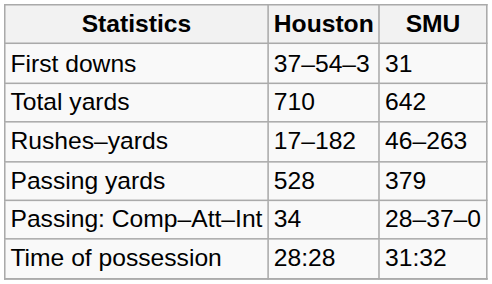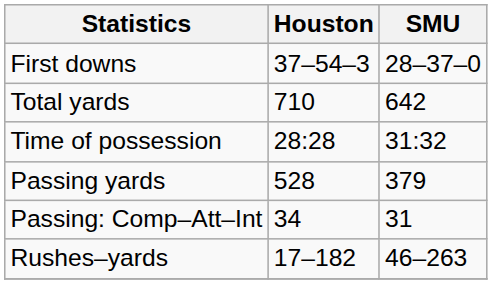 <table class="wikitable">
 <tr>
 <th>Statistics</th>
 <th>Houston</th>
 <th>SMU</th>
 </tr>
 <tr>
 <td>First downs</td>
 <td>37–54–3</td>
-<td>31</td>
+<td>28–37–0</td>
 </tr>
 <tr>
 <td>Total yards</td>
 <td>710</td>
 <td>642</td>
 </tr>
 <tr>
-<td>Rushes–yards</td>
-<td>17–182</td>
-<td>46–263</td>
+<td>Time of possession</td>
+<td>28:28</td>
+<td>31:32</td>
 </tr>
 <tr>
 <td>Passing yards</td>
 <td>528</td>
 <td>379</td>
 </tr>
 <tr>
 <td>Passing: Comp–Att–Int</td>
 <td>34</td>
-<td>28–37–0</td>
+<td>31</td>
 </tr>
 <tr>
-<td>Time of possession</td>
-<td>28:28</td>
-<td>31:32</td>
+<td>Rushes–yards</td>
+<td>17–182</td>
+<td>46–263</td>
 </tr>
 <tr>
 </tr>
 </table>
